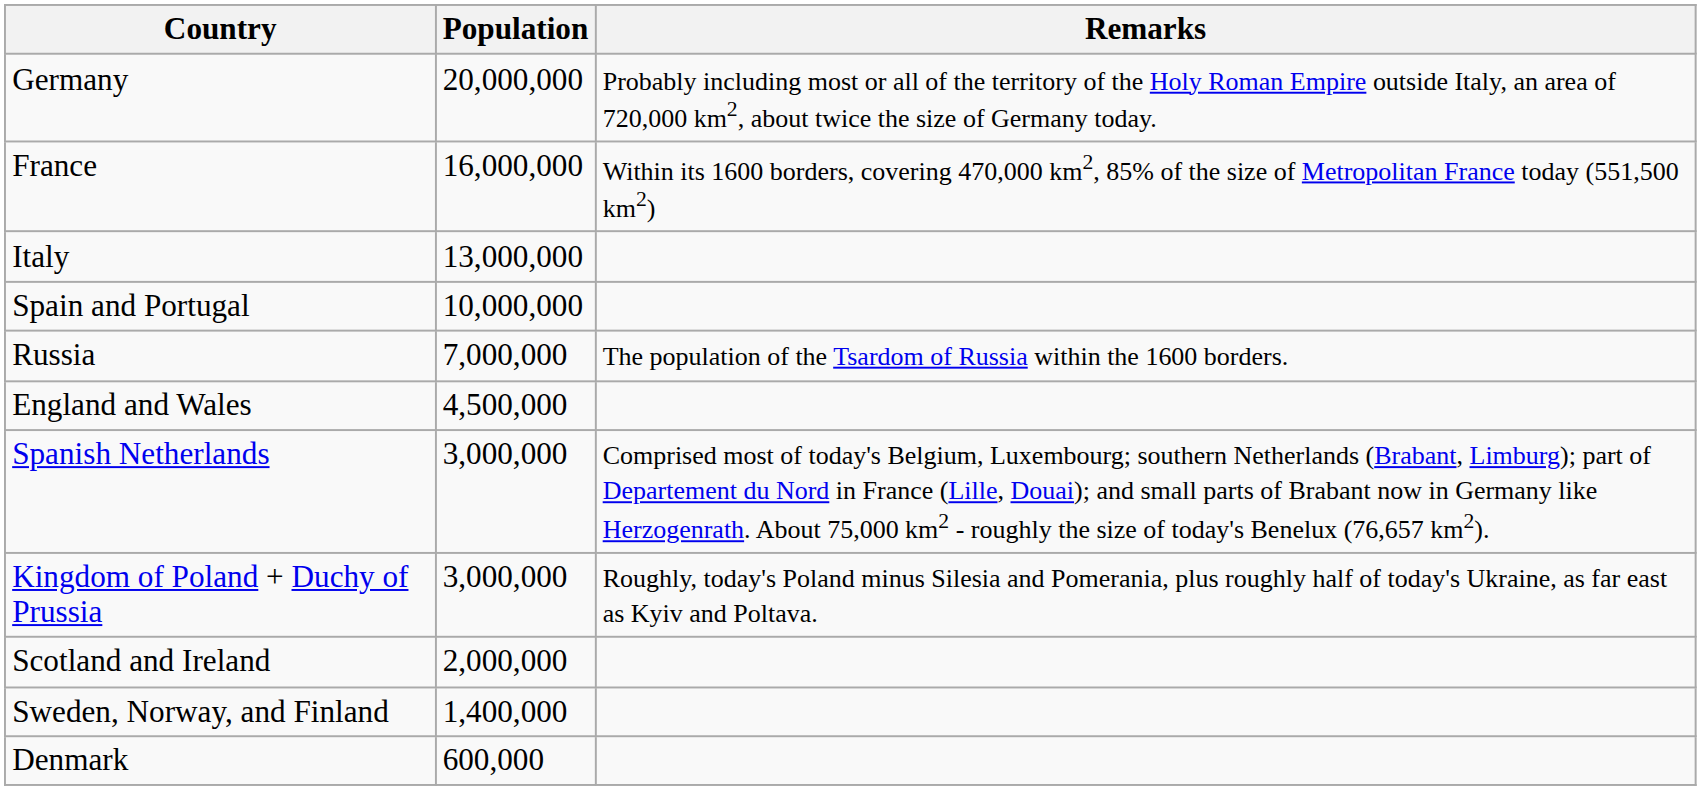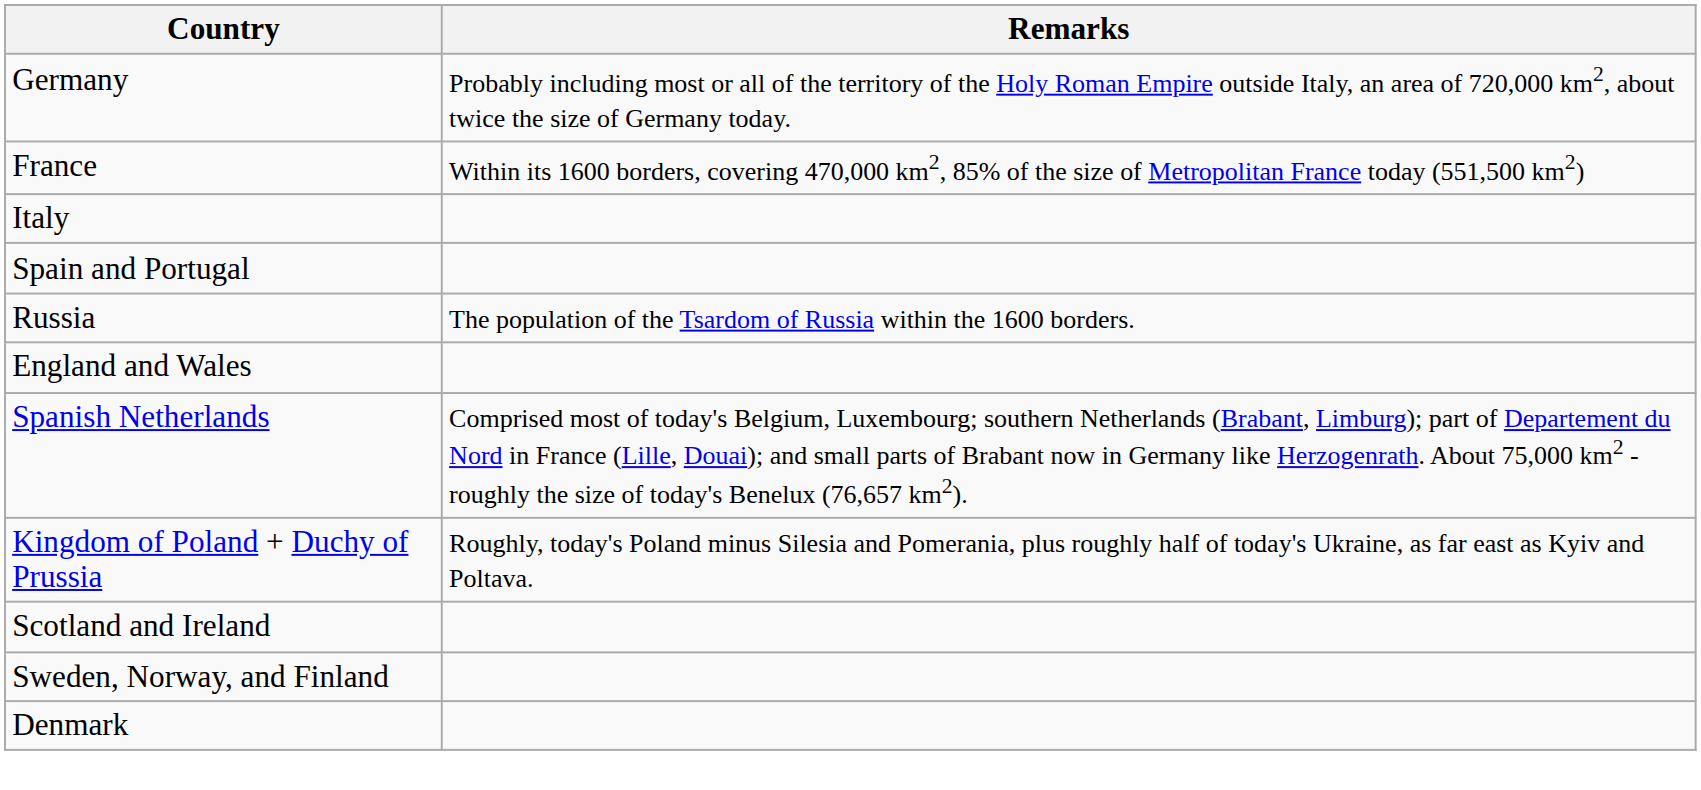 <table class="wikitable sortable">
 <tr>
 <th>Country</th>
-<th>Population</th>
 <th>Remarks</th>
 </tr>
 <tr style="vertical-align:top;">
 <td>Germany</td>
-<td>20,000,000</td>
 <td><small>Probably including most or all of the territory of the <a href='#'>Holy Roman Empire</a> outside Italy, an area of 720,000 km<sup>2</sup>, about twice the size of Germany today.</small></td>
 </tr>
 <tr style="vertical-align:top;">
 <td>France</td>
-<td>16,000,000</td>
 <td><small>Within its 1600 borders, covering 470,000 km<sup>2</sup>, 85% of the size of <a href='#'>Metropolitan France</a> today (551,500 km<sup>2</sup>)</small></td>
 </tr>
 <tr style="vertical-align:top;">
 <td>Italy</td>
-<td>13,000,000</td>
 <td></td>
 </tr>
 <tr style="vertical-align:top;">
 <td>Spain and Portugal</td>
-<td>10,000,000</td>
 <td></td>
 </tr>
 <tr style="vertical-align:top;">
 <td>Russia</td>
-<td>7,000,000</td>
 <td><small>The population of the <a href='#'>Tsardom of Russia</a> within the 1600 borders.</small></td>
 </tr>
 <tr style="vertical-align:top;">
 <td>England and Wales</td>
-<td>4,500,000</td>
 <td></td>
 </tr>
 <tr style="vertical-align:top;">
 <td><a href='#'>Spanish Netherlands</a></td>
-<td>3,000,000</td>
 <td><small>Comprised most of today's Belgium, Luxembourg; southern Netherlands (<a href='#'>Brabant</a>, <a href='#'>Limburg</a>); part of <a href='#'>Departement du Nord</a> in France (<a href='#'>Lille</a>, <a href='#'>Douai</a>); and small parts of Brabant now in Germany like <a href='#'>Herzogenrath</a>. About 75,000 km<sup>2</sup> - roughly the size of today's Benelux (76,657 km<sup>2</sup>).</small></td>
 </tr>
 <tr style="vertical-align:top;">
 <td><a href='#'>Kingdom of Poland</a> + <a href='#'>Duchy of Prussia</a></td>
-<td>3,000,000</td>
 <td><small>Roughly, today's Poland minus Silesia and Pomerania, plus roughly half of today's Ukraine, as far east as Kyiv and Poltava.</small></td>
 </tr>
 <tr style="vertical-align:top;">
 <td>Scotland and Ireland</td>
-<td>2,000,000</td>
 <td></td>
 </tr>
 <tr style="vertical-align:top;">
 <td>Sweden, Norway, and Finland</td>
-<td>1,400,000</td>
 <td></td>
 </tr>
 <tr style="vertical-align:top;">
 <td>Denmark</td>
-<td>600,000</td>
 <td></td>
 </tr>
 </table>
